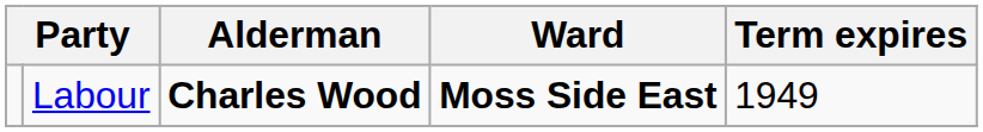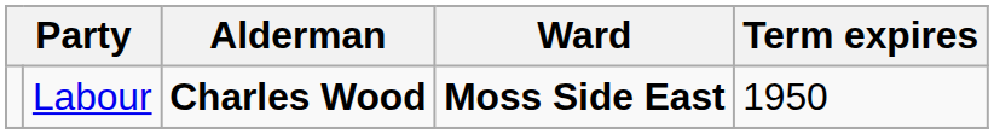 <table class="wikitable">
 <tr>
 <th colspan="2">Party</th>
 <th>Alderman</th>
 <th>Ward</th>
 <th>Term expires</th>
 </tr>
 <tr>
 <td style="background-color:"></td>
 <td><a href='#'>Labour</a></td>
 <td><strong>Charles Wood</strong></td>
 <td><strong>Moss Side East</strong></td>
-<td>1949</td>
+<td>1950</td>
 </tr>
 <tr>
 </tr>
 </table>
